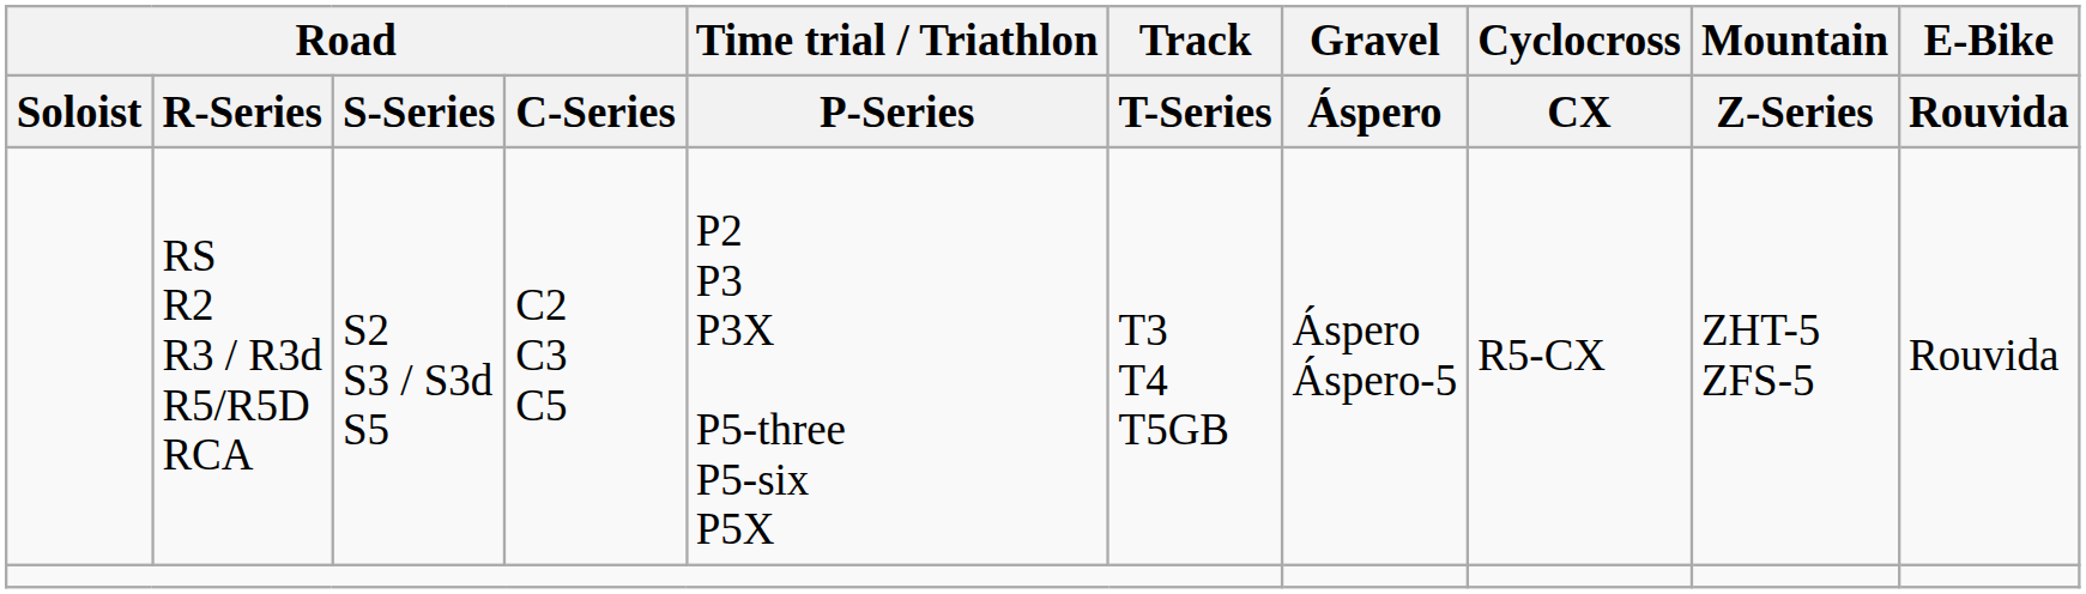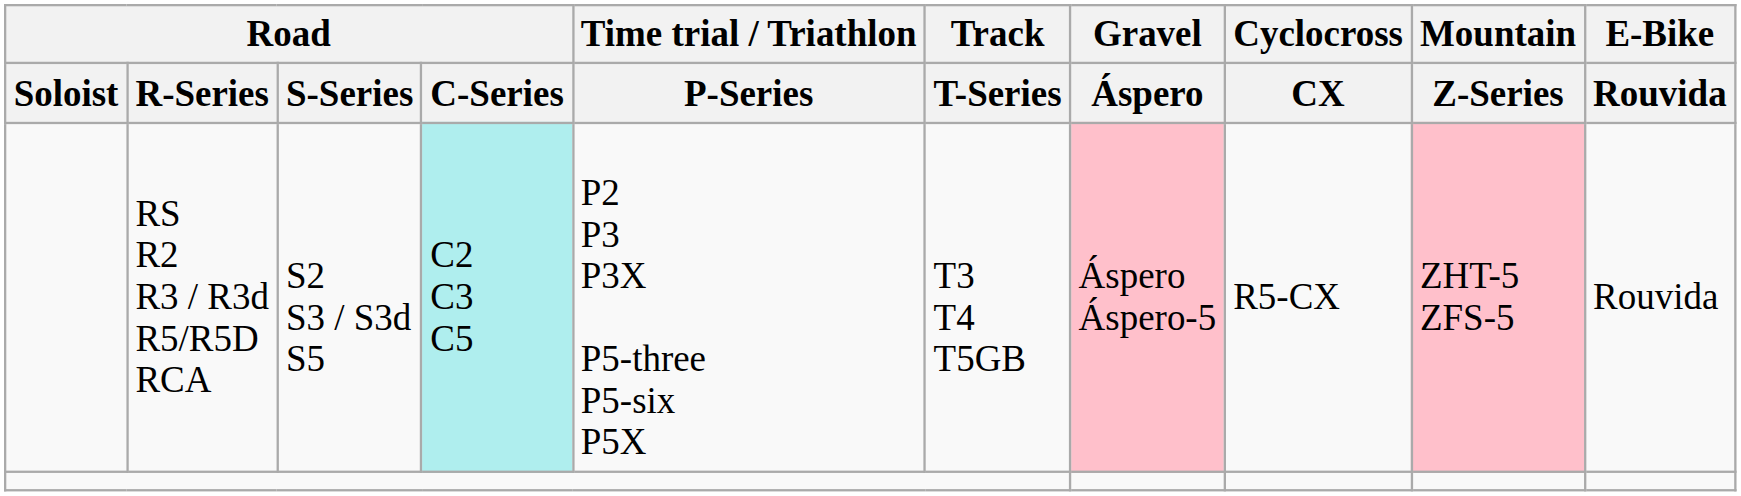 <table class="wikitable">
 <tr>
 <th colspan=4>Road</th>
 <th>Time trial / Triathlon</th>
 <th>Track</th>
 <th>Gravel</th>
 <th>Cyclocross</th>
 <th>Mountain</th>
 <th>E-Bike</th>
 </tr>
 <tr>
 <th>Soloist</th>
 <th>R-Series</th>
 <th>S-Series</th>
 <th>C-Series</th>
 <th>P-Series</th>
 <th>T-Series</th>
 <th>Áspero</th>
 <th>CX</th>
 <th>Z-Series</th>
 <th>Rouvida</th>
 </tr>
 <tr>
 <td><br><br>  </td>
 <td>RS<br> R2<br>R3 / R3d<br>R5/R5D<br>RCA<br></td>
 <td><br>S2<br>S3 / S3d<br>S5<br></td>
-<td>C2<br>C3<br>C5<br></td>
+<td style="background: paleturquoise;">C2<br>C3<br>C5<br></td>
 <td><br>P2<br>P3<br>P3X<br><br>P5-three<br>P5-six<br>P5X<br></td>
 <td><br> T3<br> T4<br>T5GB<br></td>
-<td>Áspero<br>Áspero-5</td>
+<td style="background: pink;">Áspero<br>Áspero-5</td>
 <td>R5-CX</td>
-<td>ZHT-5<br>ZFS-5</td>
+<td style="background: pink;">ZHT-5<br>ZFS-5</td>
 <td>Rouvida</td>
 </tr>
 <tr>
 <td colspan=6></td>
 <td></td>
 <td></td>
 <td></td>
 <td></td>
 </tr>
 </table>
